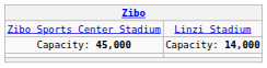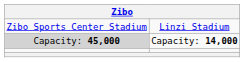 <table class="wikitable" style="text-align:center">
 <tr>
 <th colspan="2"><a href='#'>Zibo</a></th>
 </tr>
 <tr>
 <td><a href='#'>Zibo Sports Center Stadium</a></td>
 <td><a href='#'>Linzi Stadium</a></td>
 </tr>
 <tr>
-<td>Capacity: <strong>45,000</strong></td>
+<td style="background: lightgrey;">Capacity: <strong>45,000</strong></td>
 <td>Capacity: <strong>14,000</strong></td>
 </tr>
 <tr>
 <td></td>
 <td></td>
 </tr>
 <tr>
 <th colspan="2" rowspan="4"></th>
 </tr>
 </table>
